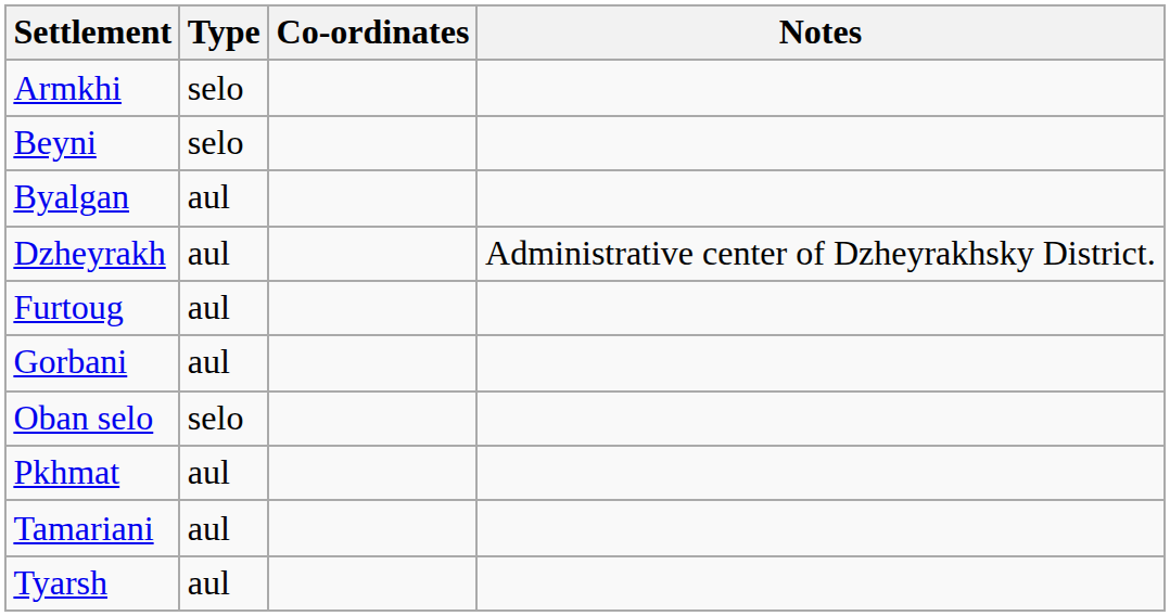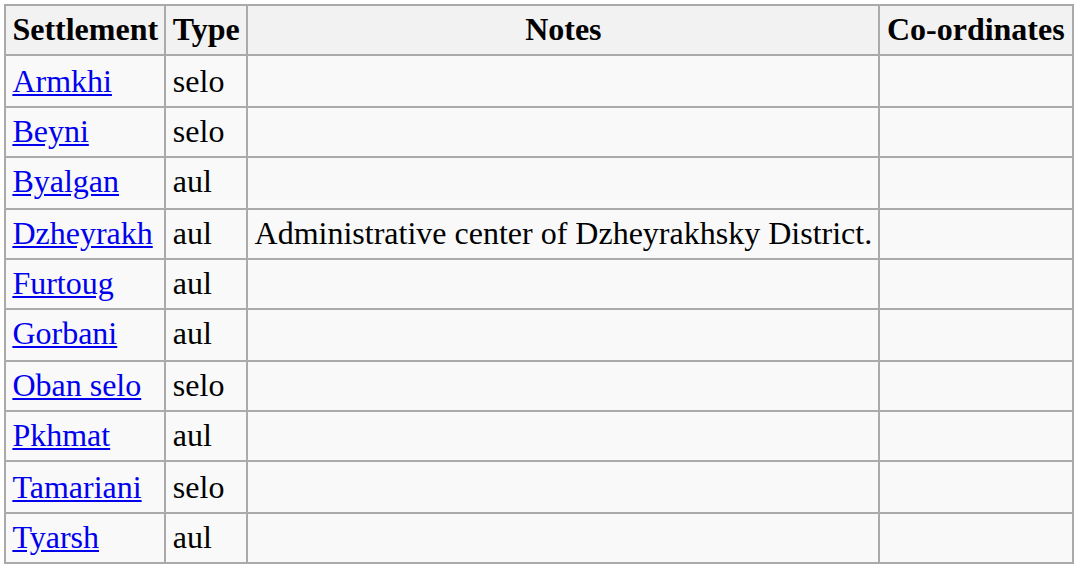 <table class="wikitable" style="display: inline-table; text-align: left;">
 <tr>
 <th>Settlement</th>
 <th>Type</th>
+<th>Notes</th>
 <th>Co-ordinates</th>
-<th>Notes</th>
 </tr>
 <tr>
 <td><a href='#'>Armkhi</a></td>
 <td>selo</td>
 <td></td>
 <td></td>
 </tr>
 <tr>
 <td><a href='#'>Beyni</a></td>
 <td>selo</td>
 <td></td>
 <td></td>
 </tr>
 <tr>
 <td><a href='#'>Byalgan</a></td>
 <td>aul</td>
 <td></td>
 <td></td>
 </tr>
 <tr>
 <td><a href='#'>Dzheyrakh</a></td>
 <td>aul</td>
+<td>Administrative center of Dzheyrakhsky District.</td>
 <td></td>
-<td>Administrative center of Dzheyrakhsky District.</td>
 </tr>
 <tr>
 <td><a href='#'>Furtoug</a></td>
 <td>aul</td>
 <td></td>
 <td></td>
 </tr>
 <tr>
 <td><a href='#'>Gorbani</a></td>
 <td>aul</td>
 <td></td>
 <td></td>
 </tr>
 <tr>
 <td><a href='#'>Oban selo</a></td>
 <td>selo</td>
 <td></td>
 <td></td>
 </tr>
 <tr>
 <td><a href='#'>Pkhmat</a></td>
 <td>aul</td>
 <td></td>
 <td></td>
 </tr>
 <tr>
 <td><a href='#'>Tamariani</a></td>
-<td>aul</td>
+<td>selo</td>
 <td></td>
 <td></td>
 </tr>
 <tr>
 <td><a href='#'>Tyarsh</a></td>
 <td>aul</td>
 <td></td>
 <td></td>
 </tr>
 </table>
